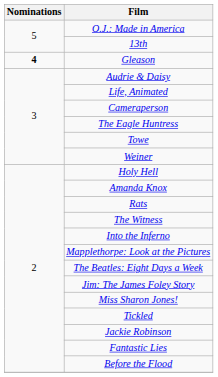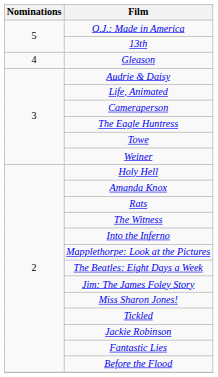 <table class="wikitable" rowspan="2" style="text-align:center;" background: #f6e39c;>
 <tr>
 <th scope="col" style="width:55px;">Nominations</th>
 <th scope="col" style="text-align:center;">Film</th>
 </tr>
 <tr>
 <td rowspan=2 style="text-align:center">5</td>
 <td><em><a href='#'>O.J.: Made in America</a></em></td>
 </tr>
 <tr>
 <td><em><a href='#'>13th</a></em></td>
 </tr>
 <tr>
-<td rowspan=1 style="text-align:center"><strong>4</strong></td>
+<td rowspan=1 style="text-align:center">4</td>
 <td><em><a href='#'>Gleason</a></em></td>
 </tr>
 <tr>
 <td rowspan=6 style="text-align:center">3</td>
 <td><em><a href='#'>Audrie & Daisy</a></em></td>
 </tr>
 <tr>
 <td><em><a href='#'>Life, Animated</a></em></td>
 </tr>
 <tr>
 <td><em><a href='#'>Cameraperson</a></em></td>
 </tr>
 <tr>
 <td><em><a href='#'>The Eagle Huntress</a></em></td>
 </tr>
 <tr>
 <td><em><a href='#'>Towe</a></em></td>
 </tr>
 <tr>
 <td><em><a href='#'>Weiner</a></em></td>
 </tr>
 <tr>
 <td rowspan=13 style="text-align:center">2</td>
 <td><em><a href='#'>Holy Hell</a></em></td>
 </tr>
 <tr>
 <td><em><a href='#'>Amanda Knox</a></em></td>
 </tr>
 <tr>
 <td><em><a href='#'>Rats</a></em></td>
 </tr>
 <tr>
 <td><em><a href='#'>The Witness</a></em></td>
 </tr>
 <tr>
 <td><em><a href='#'>Into the Inferno</a></em></td>
 </tr>
 <tr>
 <td><em><a href='#'>Mapplethorpe: Look at the Pictures </a></em></td>
 </tr>
 <tr>
 <td><em><a href='#'>The Beatles: Eight Days a Week</a></em></td>
 </tr>
 <tr>
 <td><em><a href='#'>Jim: The James Foley Story</a></em></td>
 </tr>
 <tr>
 <td><em><a href='#'>Miss Sharon Jones!</a></em></td>
 </tr>
 <tr>
 <td><em><a href='#'>Tickled</a></em></td>
 </tr>
 <tr>
 <td><em><a href='#'>Jackie Robinson</a></em></td>
 </tr>
 <tr>
 <td><em><a href='#'>Fantastic Lies</a></em></td>
 </tr>
 <tr>
 <td><em><a href='#'>Before the Flood</a></em></td>
 </tr>
 <tr>
 </tr>
 </table>
